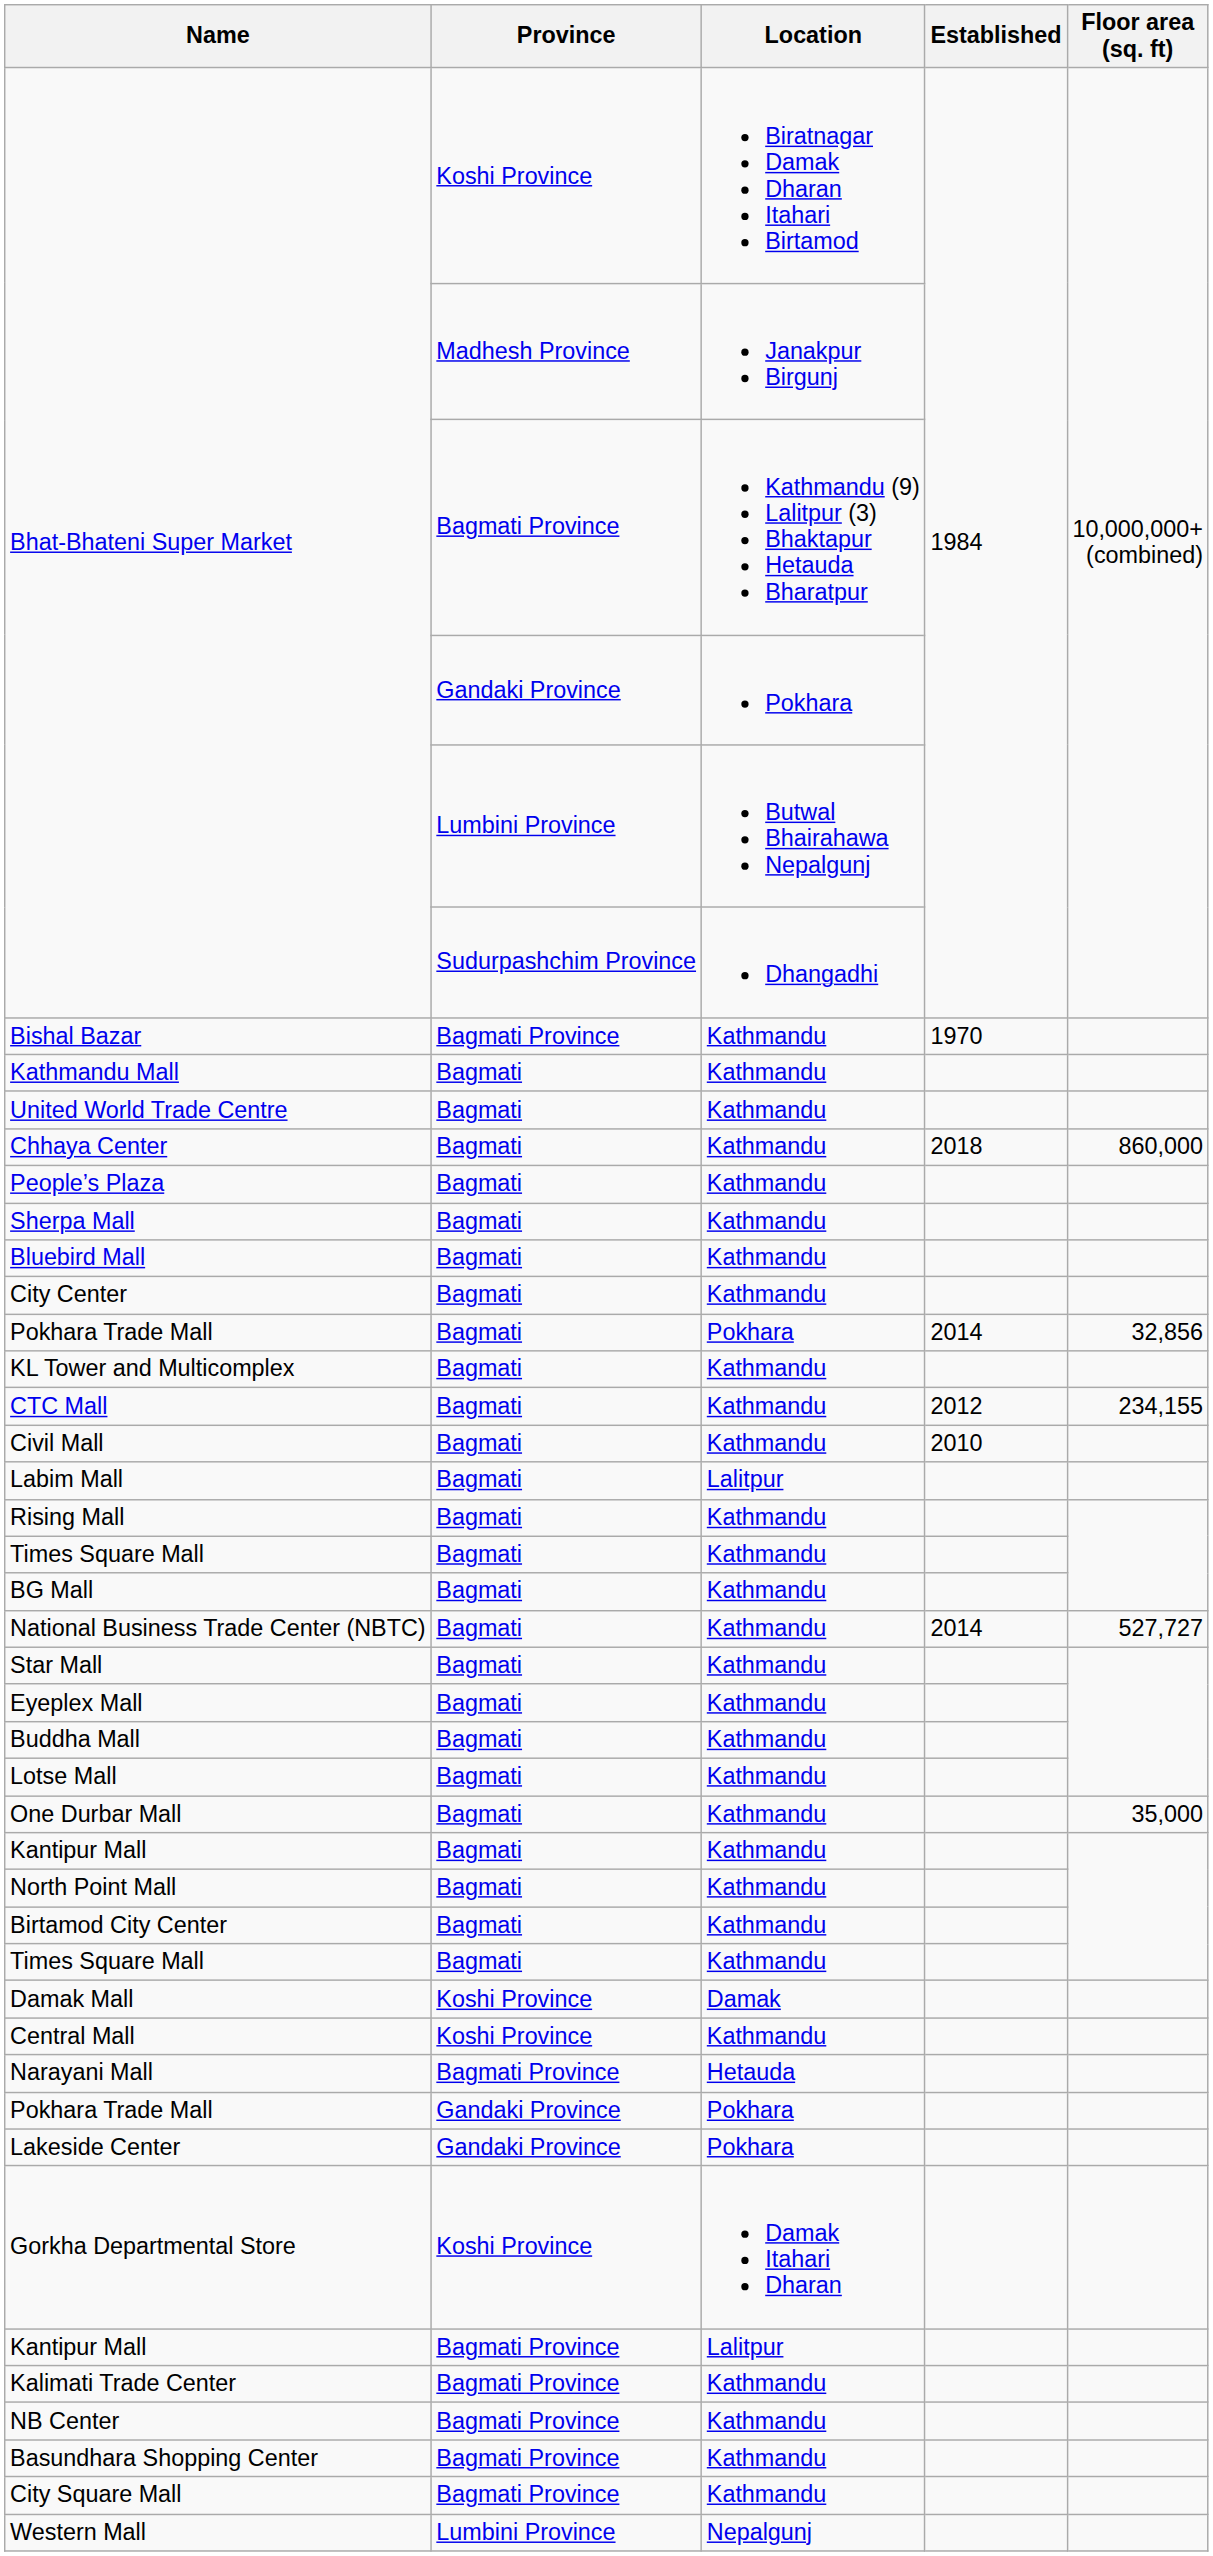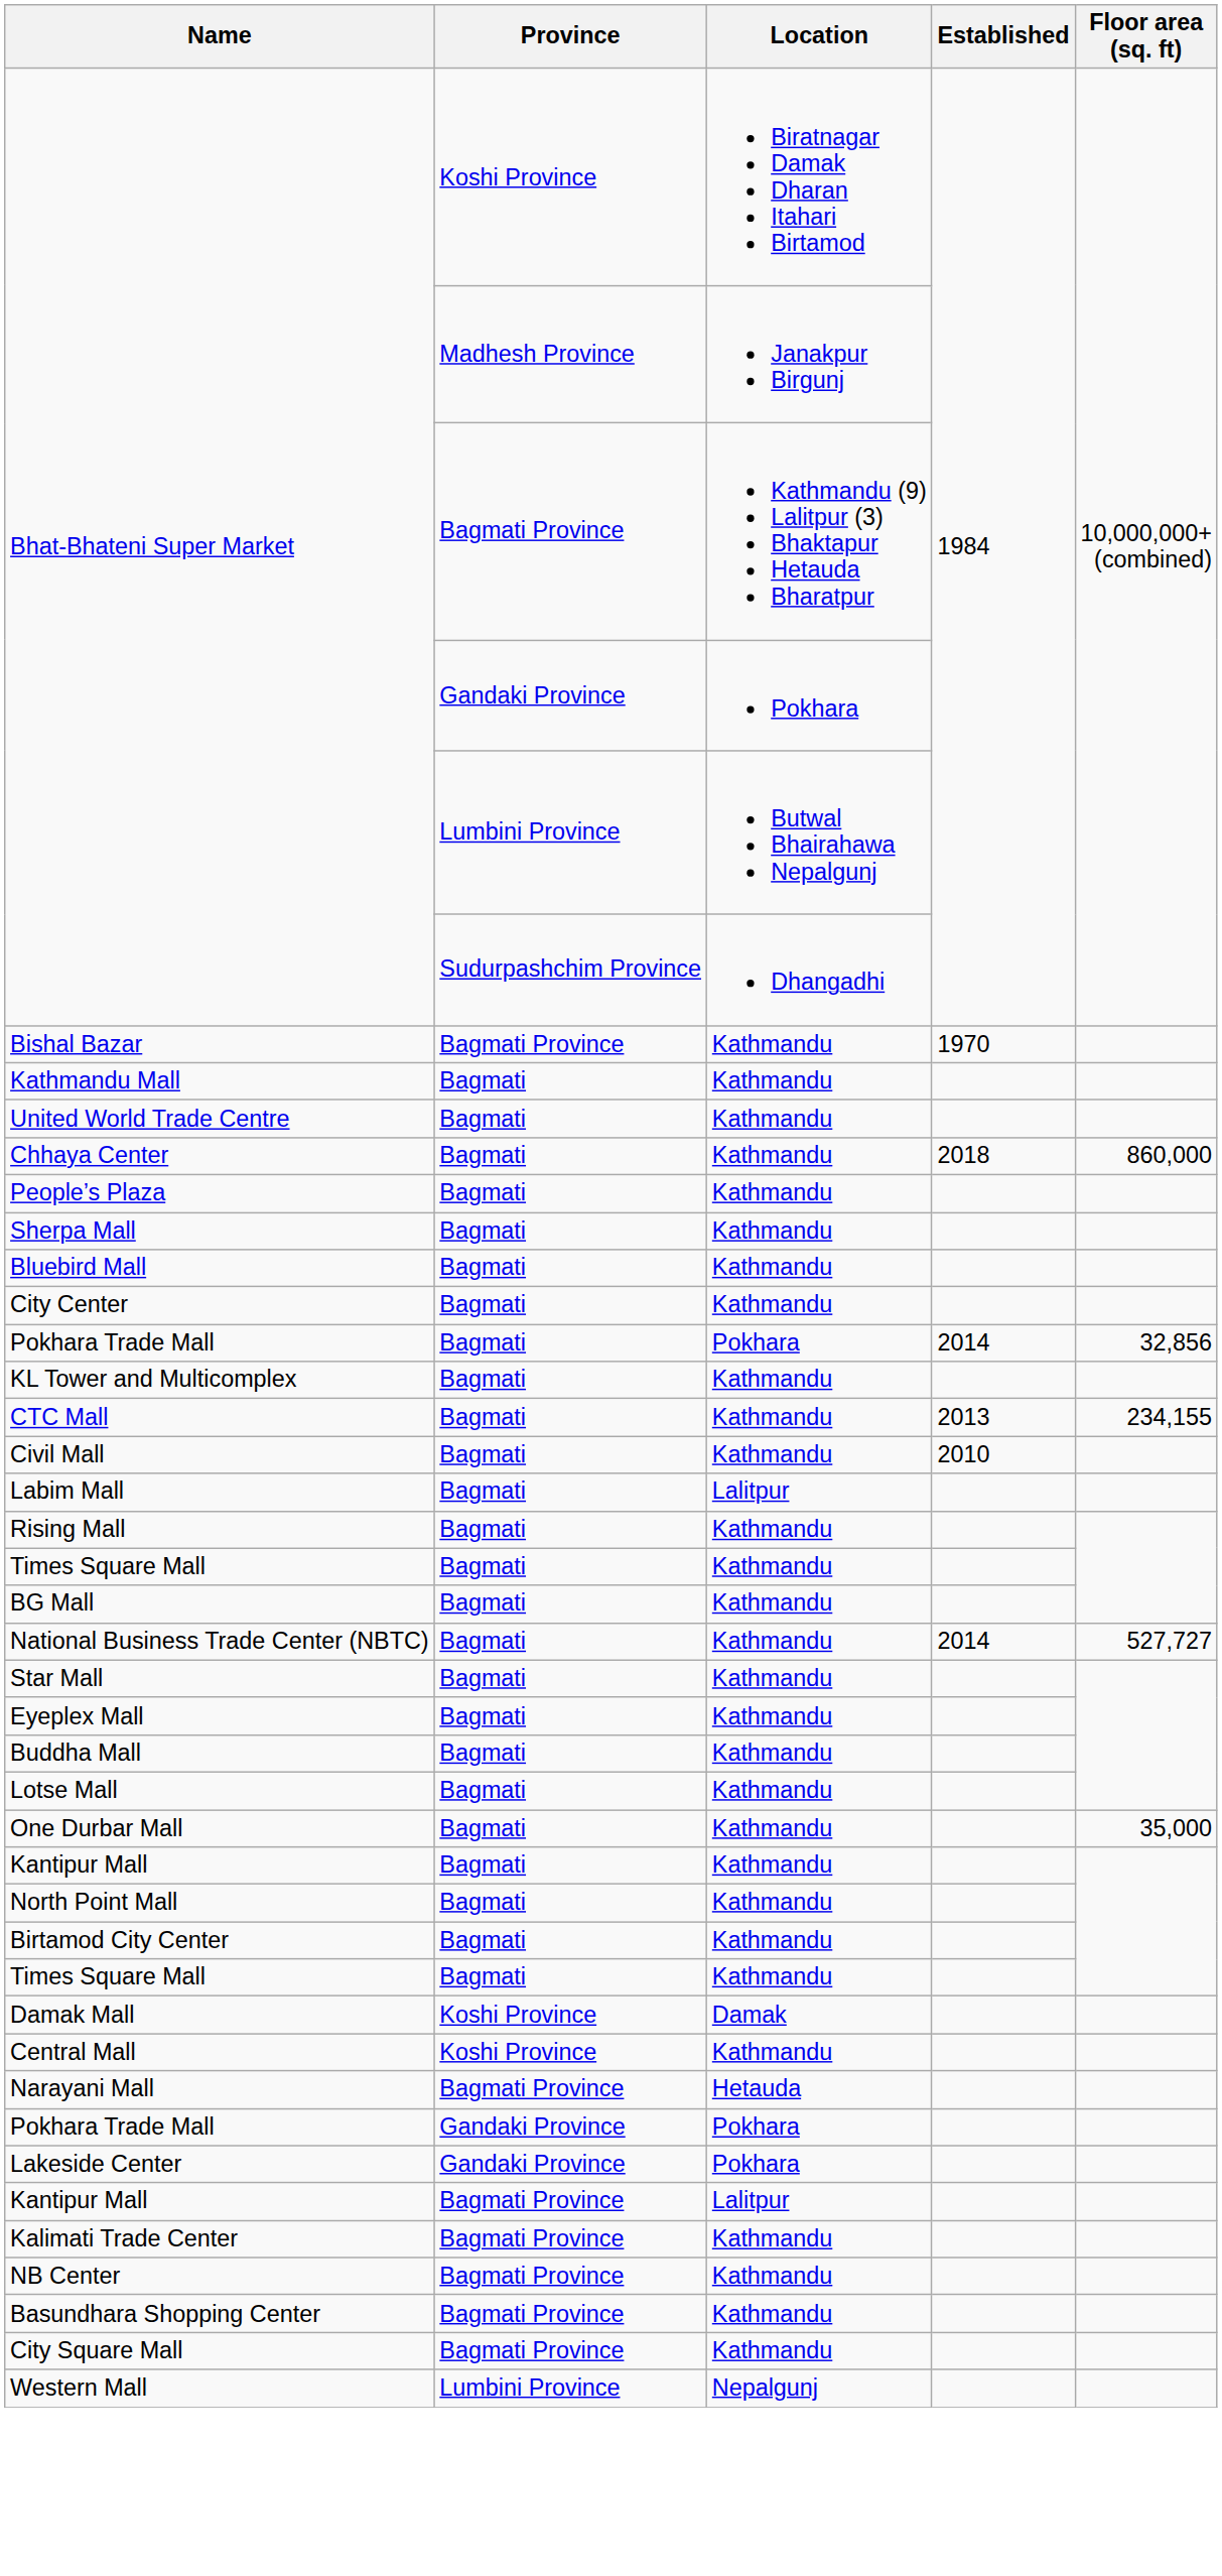 <table class="wikitable sortable">
 <tr>
 <th>Name</th>
 <th>Province</th>
 <th>Location</th>
 <th>Established</th>
 <th>Floor area<br>(sq. ft)</th>
 </tr>
 <tr>
 <td rowspan=6><a href='#'>Bhat-Bhateni Super Market</a></td>
 <td><a href='#'>Koshi Province</a></td>
 <td><br><ul><li><a href='#'>Biratnagar</a></li><li><a href='#'>Damak</a></li><li><a href='#'>Dharan</a></li><li><a href='#'>Itahari</a></li><li><a href='#'>Birtamod</a></li></ul></td>
 <td rowspan=6>1984</td>
 <td rowspan=6 style="text-align:right;">10,000,000+<br>(combined)</td>
 </tr>
 <tr>
 <td><a href='#'>Madhesh Province</a></td>
 <td><br><ul><li><a href='#'>Janakpur</a></li><li><a href='#'>Birgunj</a></li></ul></td>
 </tr>
 <tr>
 <td><a href='#'>Bagmati Province</a></td>
 <td><br><ul><li><a href='#'>Kathmandu</a> (9)</li><li><a href='#'>Lalitpur</a> (3)</li><li><a href='#'>Bhaktapur</a></li><li><a href='#'>Hetauda</a></li><li><a href='#'>Bharatpur</a></li></ul></td>
 </tr>
 <tr>
 <td><a href='#'>Gandaki Province</a></td>
 <td><br><ul><li><a href='#'>Pokhara</a></li></ul></td>
 </tr>
 <tr>
 <td><a href='#'>Lumbini Province</a></td>
 <td><br><ul><li><a href='#'>Butwal</a></li><li><a href='#'>Bhairahawa</a></li><li><a href='#'>Nepalgunj</a></li></ul></td>
 </tr>
 <tr>
 <td><a href='#'>Sudurpashchim Province</a></td>
 <td><br><ul><li><a href='#'>Dhangadhi</a></li></ul></td>
 </tr>
 <tr>
 <td><a href='#'>Bishal Bazar</a></td>
 <td><a href='#'>Bagmati Province</a></td>
 <td><a href='#'>Kathmandu</a></td>
 <td>1970</td>
 <td></td>
 </tr>
 <tr>
 <td><a href='#'>Kathmandu Mall</a></td>
 <td><a href='#'>Bagmati</a></td>
 <td><a href='#'>Kathmandu</a></td>
 <td></td>
 <td></td>
 </tr>
 <tr>
 <td><a href='#'>United World Trade Centre</a></td>
 <td><a href='#'>Bagmati</a></td>
 <td><a href='#'>Kathmandu</a></td>
 <td></td>
 <td></td>
 </tr>
 <tr>
 <td><a href='#'>Chhaya Center</a></td>
 <td><a href='#'>Bagmati</a></td>
 <td><a href='#'>Kathmandu</a></td>
 <td>2018</td>
 <td style="text-align:right;">860,000</td>
 </tr>
 <tr>
 <td><a href='#'>People’s Plaza</a></td>
 <td><a href='#'>Bagmati</a></td>
 <td><a href='#'>Kathmandu</a></td>
 <td></td>
 <td></td>
 </tr>
 <tr>
 <td><a href='#'>Sherpa Mall</a></td>
 <td><a href='#'>Bagmati</a></td>
 <td><a href='#'>Kathmandu</a></td>
 <td></td>
 <td></td>
 </tr>
 <tr>
 <td><a href='#'>Bluebird Mall</a></td>
 <td><a href='#'>Bagmati</a></td>
 <td><a href='#'>Kathmandu</a></td>
 <td></td>
 <td></td>
 </tr>
 <tr>
 <td>City Center</td>
 <td><a href='#'>Bagmati</a></td>
 <td><a href='#'>Kathmandu</a></td>
 <td></td>
 <td></td>
 </tr>
 <tr>
 <td>Pokhara Trade Mall</td>
 <td><a href='#'>Bagmati</a></td>
 <td><a href='#'>Pokhara</a></td>
 <td>2014</td>
 <td style="text-align:right;">32,856</td>
 </tr>
 <tr>
 <td>KL Tower and Multicomplex</td>
 <td><a href='#'>Bagmati</a></td>
 <td><a href='#'>Kathmandu</a></td>
 <td></td>
 <td></td>
 </tr>
 <tr>
 <td><a href='#'>CTC Mall</a></td>
 <td><a href='#'>Bagmati</a></td>
 <td><a href='#'>Kathmandu</a></td>
-<td>2012</td>
+<td>2013</td>
 <td style="text-align:right;">234,155</td>
 </tr>
 <tr>
 <td>Civil Mall</td>
 <td><a href='#'>Bagmati</a></td>
 <td><a href='#'>Kathmandu</a></td>
 <td>2010</td>
 <td></td>
 </tr>
 <tr>
 <td>Labim Mall</td>
 <td><a href='#'>Bagmati</a></td>
 <td><a href='#'>Lalitpur</a></td>
 <td></td>
 <td></td>
 </tr>
 <tr>
 <td>Rising Mall</td>
 <td><a href='#'>Bagmati</a></td>
 <td><a href='#'>Kathmandu</a></td>
 <td></td>
 </tr>
 <tr>
 <td>Times Square Mall</td>
 <td><a href='#'>Bagmati</a></td>
 <td><a href='#'>Kathmandu</a></td>
 <td></td>
 </tr>
 <tr>
 <td>BG Mall</td>
 <td><a href='#'>Bagmati</a></td>
 <td><a href='#'>Kathmandu</a></td>
 <td></td>
 </tr>
 <tr>
 <td>National Business Trade Center (NBTC)</td>
 <td><a href='#'>Bagmati</a></td>
 <td><a href='#'>Kathmandu</a></td>
 <td>2014</td>
 <td style="text-align:right;">527,727</td>
 </tr>
 <tr>
 <td>Star Mall</td>
 <td><a href='#'>Bagmati</a></td>
 <td><a href='#'>Kathmandu</a></td>
 <td></td>
 </tr>
 <tr>
 <td>Eyeplex Mall</td>
 <td><a href='#'>Bagmati</a></td>
 <td><a href='#'>Kathmandu</a></td>
 <td></td>
 </tr>
 <tr>
 <td>Buddha Mall</td>
 <td><a href='#'>Bagmati</a></td>
 <td><a href='#'>Kathmandu</a></td>
 <td></td>
 </tr>
 <tr>
 <td>Lotse Mall</td>
 <td><a href='#'>Bagmati</a></td>
 <td><a href='#'>Kathmandu</a></td>
 <td></td>
 </tr>
 <tr>
 <td>One Durbar Mall</td>
 <td><a href='#'>Bagmati</a></td>
 <td><a href='#'>Kathmandu</a></td>
 <td></td>
 <td style="text-align:right;">35,000</td>
 </tr>
 <tr>
 <td>Kantipur Mall</td>
 <td><a href='#'>Bagmati</a></td>
 <td><a href='#'>Kathmandu</a></td>
 <td></td>
 </tr>
 <tr>
 <td>North Point Mall</td>
 <td><a href='#'>Bagmati</a></td>
 <td><a href='#'>Kathmandu</a></td>
 <td></td>
 </tr>
 <tr>
 <td>Birtamod City Center</td>
 <td><a href='#'>Bagmati</a></td>
 <td><a href='#'>Kathmandu</a></td>
 <td></td>
 </tr>
 <tr>
 <td>Times Square Mall</td>
 <td><a href='#'>Bagmati</a></td>
 <td><a href='#'>Kathmandu</a></td>
 <td></td>
 </tr>
 <tr>
 <td>Damak Mall</td>
 <td><a href='#'>Koshi Province</a></td>
 <td><a href='#'>Damak</a></td>
 <td></td>
 <td></td>
 </tr>
 <tr>
 <td>Central Mall</td>
 <td><a href='#'>Koshi Province</a></td>
 <td><a href='#'>Kathmandu</a></td>
 <td></td>
 <td></td>
 </tr>
 <tr>
 <td>Narayani Mall</td>
 <td><a href='#'>Bagmati Province</a></td>
 <td><a href='#'>Hetauda</a></td>
 <td></td>
 <td></td>
 </tr>
 <tr>
 <td>Pokhara Trade Mall</td>
 <td><a href='#'>Gandaki Province</a></td>
 <td><a href='#'>Pokhara</a></td>
 <td></td>
 <td></td>
 </tr>
 <tr>
 <td>Lakeside Center</td>
 <td><a href='#'>Gandaki Province</a></td>
 <td><a href='#'>Pokhara</a></td>
 <td></td>
 <td></td>
 </tr>
 <tr>
-<td>Gorkha Departmental Store</td>
-<td><a href='#'>Koshi Province</a></td>
-<td><br><ul><li><a href='#'>Damak</a></li><li><a href='#'>Itahari</a></li><li><a href='#'>Dharan</a></li></ul></td>
-<td></td>
-<td></td>
-</tr>
-<tr>
 <td>Kantipur Mall</td>
 <td><a href='#'>Bagmati Province</a></td>
 <td><a href='#'>Lalitpur</a></td>
 <td></td>
 <td></td>
 </tr>
 <tr>
 <td>Kalimati Trade Center</td>
 <td><a href='#'>Bagmati Province</a></td>
 <td><a href='#'>Kathmandu</a></td>
 <td></td>
 <td></td>
 </tr>
 <tr>
 <td>NB Center</td>
 <td><a href='#'>Bagmati Province</a></td>
 <td><a href='#'>Kathmandu</a></td>
 <td></td>
 <td></td>
 </tr>
 <tr>
 <td>Basundhara Shopping Center</td>
 <td><a href='#'>Bagmati Province</a></td>
 <td><a href='#'>Kathmandu</a></td>
 <td></td>
 <td></td>
 </tr>
 <tr>
 <td>City Square Mall</td>
 <td><a href='#'>Bagmati Province</a></td>
 <td><a href='#'>Kathmandu</a></td>
 <td></td>
 <td></td>
 </tr>
 <tr>
 <td>Western Mall</td>
 <td><a href='#'>Lumbini Province</a></td>
 <td><a href='#'>Nepalgunj</a></td>
 <td></td>
 <td></td>
 </tr>
 </table>
